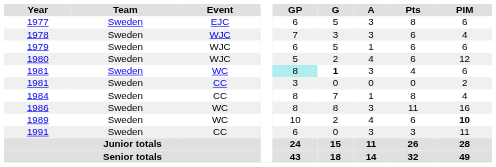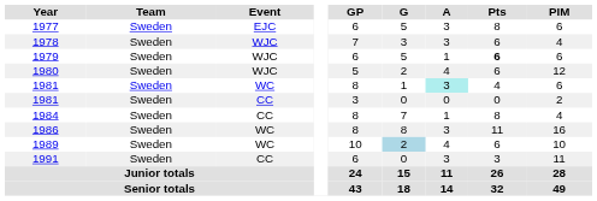 <table border="0" cellpadding="1" cellspacing="0" style="text-align:center; width:50em">
 <tr ALIGN="center" bgcolor="#e0e0e0">
 <th>Year</th>
 <th>Team</th>
 <th>Event</th>
 <th rowspan="99" bgcolor="#ffffff"> </th>
 <th>GP</th>
 <th>G</th>
 <th>A</th>
 <th>Pts</th>
 <th>PIM</th>
 </tr>
 <tr>
 <td><a href='#'>1977</a></td>
 <td><a href='#'>Sweden</a></td>
 <td><a href='#'>EJC</a></td>
 <td>6</td>
 <td>5</td>
 <td>3</td>
 <td>8</td>
 <td>6</td>
 </tr>
 <tr bgcolor="#f0f0f0">
 <td><a href='#'>1978</a></td>
 <td>Sweden</td>
 <td><a href='#'>WJC</a></td>
 <td>7</td>
 <td>3</td>
 <td>3</td>
 <td>6</td>
 <td>4</td>
 </tr>
 <tr>
 <td><a href='#'>1979</a></td>
 <td>Sweden</td>
 <td>WJC</td>
 <td>6</td>
 <td>5</td>
 <td>1</td>
-<td>6</td>
+<td><strong>6</strong></td>
 <td>6</td>
 </tr>
 <tr bgcolor="#f0f0f0">
 <td><a href='#'>1980</a></td>
 <td>Sweden</td>
 <td>WJC</td>
 <td>5</td>
 <td>2</td>
 <td>4</td>
 <td>6</td>
 <td>12</td>
 </tr>
 <tr>
 <td><a href='#'>1981</a></td>
 <td><a href='#'>Sweden</a></td>
 <td><a href='#'>WC</a></td>
-<td style="background: paleturquoise;">8</td>
-<td><strong>1</strong></td>
-<td>3</td>
+<td>8</td>
+<td>1</td>
+<td style="background: paleturquoise;">3</td>
 <td>4</td>
 <td>6</td>
 </tr>
 <tr bgcolor="#f0f0f0">
 <td><a href='#'>1981</a></td>
 <td>Sweden</td>
 <td><a href='#'>CC</a></td>
 <td>3</td>
 <td>0</td>
 <td>0</td>
 <td>0</td>
 <td>2</td>
 </tr>
 <tr>
 <td><a href='#'>1984</a></td>
 <td>Sweden</td>
 <td>CC</td>
 <td>8</td>
 <td>7</td>
 <td>1</td>
 <td>8</td>
 <td>4</td>
 </tr>
 <tr bgcolor="#f0f0f0">
 <td><a href='#'>1986</a></td>
 <td>Sweden</td>
 <td>WC</td>
 <td>8</td>
 <td>8</td>
 <td>3</td>
 <td>11</td>
 <td>16</td>
 </tr>
 <tr>
 <td><a href='#'>1989</a></td>
 <td>Sweden</td>
 <td>WC</td>
 <td>10</td>
-<td>2</td>
+<td style="background: lightblue;">2</td>
 <td>4</td>
 <td>6</td>
-<td><strong>10</strong></td>
+<td>10</td>
 </tr>
 <tr bgcolor="#f0f0f0">
 <td><a href='#'>1991</a></td>
 <td>Sweden</td>
 <td>CC</td>
 <td>6</td>
 <td>0</td>
 <td>3</td>
 <td>3</td>
 <td>11</td>
 </tr>
 <tr bgcolor="#e0e0e0">
 <th colspan=3>Junior totals</th>
 <th>24</th>
 <th>15</th>
 <th>11</th>
 <th>26</th>
 <th>28</th>
 </tr>
 <tr bgcolor="#e0e0e0">
 <th colspan=3>Senior totals</th>
 <th>43</th>
 <th>18</th>
 <th>14</th>
 <th>32</th>
 <th>49</th>
 </tr>
 </table>
